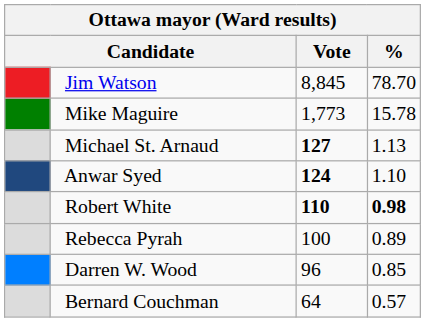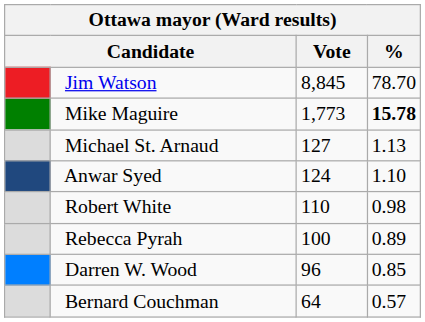 <table class="wikitable">
 <tr>
 <th colspan="4">Ottawa mayor (Ward results)</th>
 </tr>
 <tr>
 <th bgcolor="#DDDDFF" width="230px" colspan="2">Candidate</th>
 <th bgcolor="#DDDDFF" width="50px">Vote</th>
 <th bgcolor="#DDDDFF" width="30px">%</th>
 </tr>
 <tr>
 <td bgcolor=#ED1D24 width="30px"> </td>
 <td>  <a href='#'>Jim Watson</a></td>
 <td>8,845</td>
 <td>78.70</td>
 </tr>
 <tr>
 <td bgcolor=#008000 width="30px"> </td>
 <td>  Mike Maguire</td>
 <td>1,773</td>
-<td>15.78</td>
+<td><strong>15.78</strong></td>
 </tr>
 <tr>
 <td bgcolor=#DCDCDC width="30px"> </td>
 <td>  Michael St. Arnaud</td>
-<td><strong>127</strong></td>
+<td>127</td>
 <td>1.13</td>
 </tr>
 <tr>
 <td bgcolor=#20487E width="30px"> </td>
 <td>  Anwar Syed</td>
-<td><strong>124</strong></td>
+<td>124</td>
 <td>1.10</td>
 </tr>
 <tr>
 <td bgcolor=#DCDCDC width="30px"> </td>
 <td>  Robert White</td>
-<td><strong>110</strong></td>
-<td><strong>0.98</strong></td>
+<td>110</td>
+<td>0.98</td>
 </tr>
 <tr>
 <td bgcolor=#DCDCDC width="30px"> </td>
 <td>  Rebecca Pyrah</td>
 <td>100</td>
 <td>0.89</td>
 </tr>
 <tr>
 <td bgcolor=#007FFF width="30px"> </td>
 <td>  Darren W. Wood</td>
 <td>96</td>
 <td>0.85</td>
 </tr>
 <tr>
 <td bgcolor=#DCDCDC width="30px"> </td>
 <td>  Bernard Couchman</td>
 <td>64</td>
 <td>0.57</td>
 </tr>
 </table>
